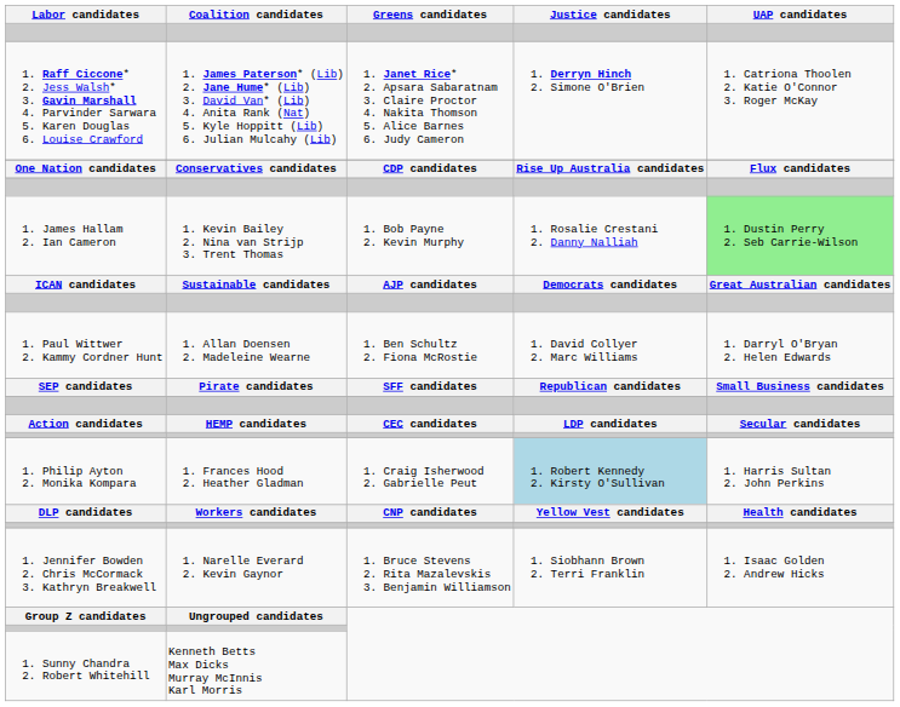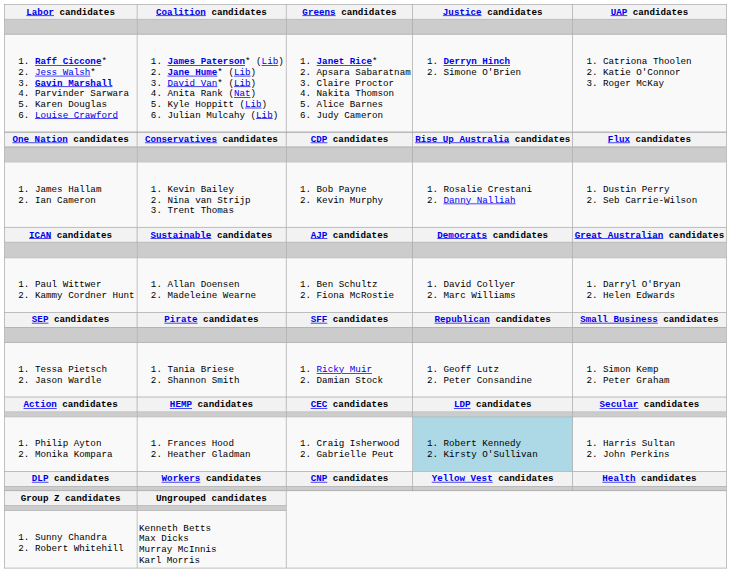 <table class="wikitable">
 <tr>
 <th><a href='#'>Labor</a> candidates</th>
 <th><a href='#'>Coalition</a> candidates</th>
 <th><a href='#'>Greens</a> candidates</th>
 <th><a href='#'>Justice</a> candidates</th>
 <th><a href='#'>UAP</a> candidates</th>
 </tr>
 <tr style="background:#ccc;">
 <td> </td>
 <td> </td>
 <td> </td>
 <td> </td>
 <td></td>
 </tr>
 <tr>
 <td><br><ol><li><strong><a href='#'>Raff Ciccone</a></strong>*</li><li><a href='#'>Jess Walsh</a>*</li><li><strong><a href='#'>Gavin Marshall</a></strong></li><li>Parvinder Sarwara</li><li>Karen Douglas</li><li><a href='#'>Louise Crawford</a></li></ol></td>
 <td><br><ol><li><strong><a href='#'>James Paterson</a></strong>* (<a href='#'>Lib</a>)</li><li><strong><a href='#'>Jane Hume</a></strong>* (<a href='#'>Lib</a>)</li><li><a href='#'>David Van</a>* (<a href='#'>Lib</a>)</li><li>Anita Rank (<a href='#'>Nat</a>)</li><li>Kyle Hoppitt (<a href='#'>Lib</a>)</li><li>Julian Mulcahy (<a href='#'>Lib</a>)</li></ol></td>
 <td><br><ol><li><strong><a href='#'>Janet Rice</a></strong>*</li><li>Apsara Sabaratnam</li><li>Claire Proctor</li><li>Nakita Thomson</li><li>Alice Barnes</li><li>Judy Cameron</li></ol></td>
 <td valign=top><br><ol><li><strong><a href='#'>Derryn Hinch</a></strong></li><li>Simone O'Brien</li></ol></td>
 <td valign=top><br><ol><li>Catriona Thoolen</li><li>Katie O'Connor</li><li>Roger McKay</li></ol></td>
 </tr>
 <tr>
 </tr>
 <tr style="background:#ccc;">
 <th><a href='#'>One Nation</a> candidates</th>
 <th><a href='#'>Conservatives</a> candidates</th>
 <th><a href='#'>CDP</a> candidates</th>
 <th><a href='#'>Rise Up Australia</a> candidates</th>
 <th><a href='#'>Flux</a> candidates</th>
 </tr>
 <tr style="background:#ccc;">
 <td></td>
 <td> </td>
 <td></td>
 <td> </td>
 <td></td>
 </tr>
 <tr>
 <td valign=top><br><ol><li>James Hallam</li><li>Ian Cameron</li></ol></td>
 <td valign=top><br><ol><li>Kevin Bailey</li><li>Nina van Strijp</li><li>Trent Thomas</li></ol></td>
 <td valign=top><br><ol><li>Bob Payne</li><li>Kevin Murphy</li></ol></td>
 <td valign=top><br><ol><li>Rosalie Crestani</li><li><a href='#'>Danny Nalliah</a></li></ol></td>
-<td valign=top style="background: lightgreen;"><br><ol><li>Dustin Perry</li><li>Seb Carrie-Wilson</li></ol></td>
+<td valign=top><br><ol><li>Dustin Perry</li><li>Seb Carrie-Wilson</li></ol></td>
 </tr>
 <tr style="background:#ccc;">
 <th><a href='#'>ICAN</a> candidates</th>
 <th><a href='#'>Sustainable</a> candidates</th>
 <th><a href='#'>AJP</a> candidates</th>
 <th><a href='#'>Democrats</a> candidates</th>
 <th><a href='#'>Great Australian</a> candidates</th>
 </tr>
 <tr style="background:#ccc;">
 <td></td>
 <td></td>
 <td></td>
 <td> </td>
 <td> </td>
 </tr>
 <tr>
 <td valign=top><br><ol><li>Paul Wittwer</li><li>Kammy Cordner Hunt</li></ol></td>
 <td valign="top"><br><ol><li>Allan Doensen</li><li>Madeleine Wearne</li></ol></td>
 <td valign="top"><br><ol><li>Ben Schultz</li><li>Fiona McRostie</li></ol></td>
 <td valign="top"><br><ol><li>David Collyer</li><li>Marc Williams</li></ol></td>
 <td valign="top"><br><ol><li>Darryl O'Bryan</li><li>Helen Edwards</li></ol></td>
 </tr>
 <tr style="background:#ccc;">
 <th><a href='#'>SEP</a> candidates</th>
 <th><a href='#'>Pirate</a> candidates</th>
 <th><a href='#'>SFF</a> candidates</th>
 <th><a href='#'>Republican</a> candidates</th>
 <th><a href='#'>Small Business</a> candidates</th>
 </tr>
 <tr style="background:#ccc;">
 <td></td>
 <td></td>
 <td></td>
 <td></td>
 <td> </td>
 </tr>
+<tr>
+<td valign=top><br><ol><li>Tessa Pietsch</li><li>Jason Wardle</li></ol></td>
+<td valign=top><br><ol><li>Tania Briese</li><li>Shannon Smith</li></ol></td>
+<td valign="top"><br><ol><li><a href='#'>Ricky Muir</a></li><li>Damian Stock</li></ol></td>
+<td valign="top"><br><ol><li>Geoff Lutz</li><li>Peter Consandine</li></ol></td>
+<td valign="top"><br><ol><li>Simon Kemp</li><li>Peter Graham</li></ol></td>
+</tr>
 <tr style="background:#ccc;">
 <th><a href='#'>Action</a> candidates</th>
 <th><a href='#'>HEMP</a> candidates</th>
 <th><a href='#'>CEC</a> candidates</th>
 <th><a href='#'>LDP</a> candidates</th>
 <th><a href='#'>Secular</a> candidates</th>
 </tr>
 <tr style="background:#ccc;">
 <td></td>
 <td></td>
 <td></td>
 <td></td>
 <td></td>
 </tr>
 <tr>
 <td valign=top><br><ol><li>Philip Ayton</li><li>Monika Kompara</li></ol></td>
 <td valign=top><br><ol><li>Frances Hood</li><li>Heather Gladman</li></ol></td>
 <td valign="top"><br><ol><li>Craig Isherwood</li><li>Gabrielle Peut</li></ol></td>
 <td valign="top" style="background: lightblue;"><br><ol><li>Robert Kennedy</li><li>Kirsty O'Sullivan</li></ol></td>
 <td valign="top"><br><ol><li>Harris Sultan</li><li>John Perkins</li></ol></td>
 </tr>
 <tr style="background:#ccc;">
 <th><a href='#'>DLP</a> candidates</th>
 <th><a href='#'>Workers</a> candidates</th>
 <th><a href='#'>CNP</a> candidates</th>
 <th><a href='#'>Yellow Vest</a> candidates</th>
 <th><a href='#'>Health</a> candidates</th>
 </tr>
 <tr style="background:#ccc;">
 <td></td>
 <td></td>
 <td></td>
 <td></td>
 <td></td>
 </tr>
-<tr>
-<td valign=top><br><ol><li>Jennifer Bowden</li><li>Chris McCormack</li><li>Kathryn Breakwell</li></ol></td>
-<td valign=top><br><ol><li>Narelle Everard</li><li>Kevin Gaynor</li></ol></td>
-<td valign="top"><br><ol><li>Bruce Stevens</li><li>Rita Mazalevskis</li><li>Benjamin Williamson</li></ol></td>
-<td valign="top"><br><ol><li>Siobhann Brown</li><li>Terri Franklin</li></ol></td>
-<td valign=top><br><ol><li>Isaac Golden</li><li>Andrew Hicks</li></ol></td>
-</tr>
 <tr style="background:#ccc;">
 <th>Group Z candidates</th>
 <th>Ungrouped candidates</th>
 </tr>
 <tr style="background:#ccc;">
 <td></td>
 <td></td>
 </tr>
 <tr>
 <td valign="top"><br><ol><li>Sunny Chandra</li><li>Robert Whitehill</li></ol></td>
 <td valign=top><br>Kenneth Betts<br> Max Dicks<br> Murray McInnis<br> Karl Morris</td>
 </tr>
 </table>
